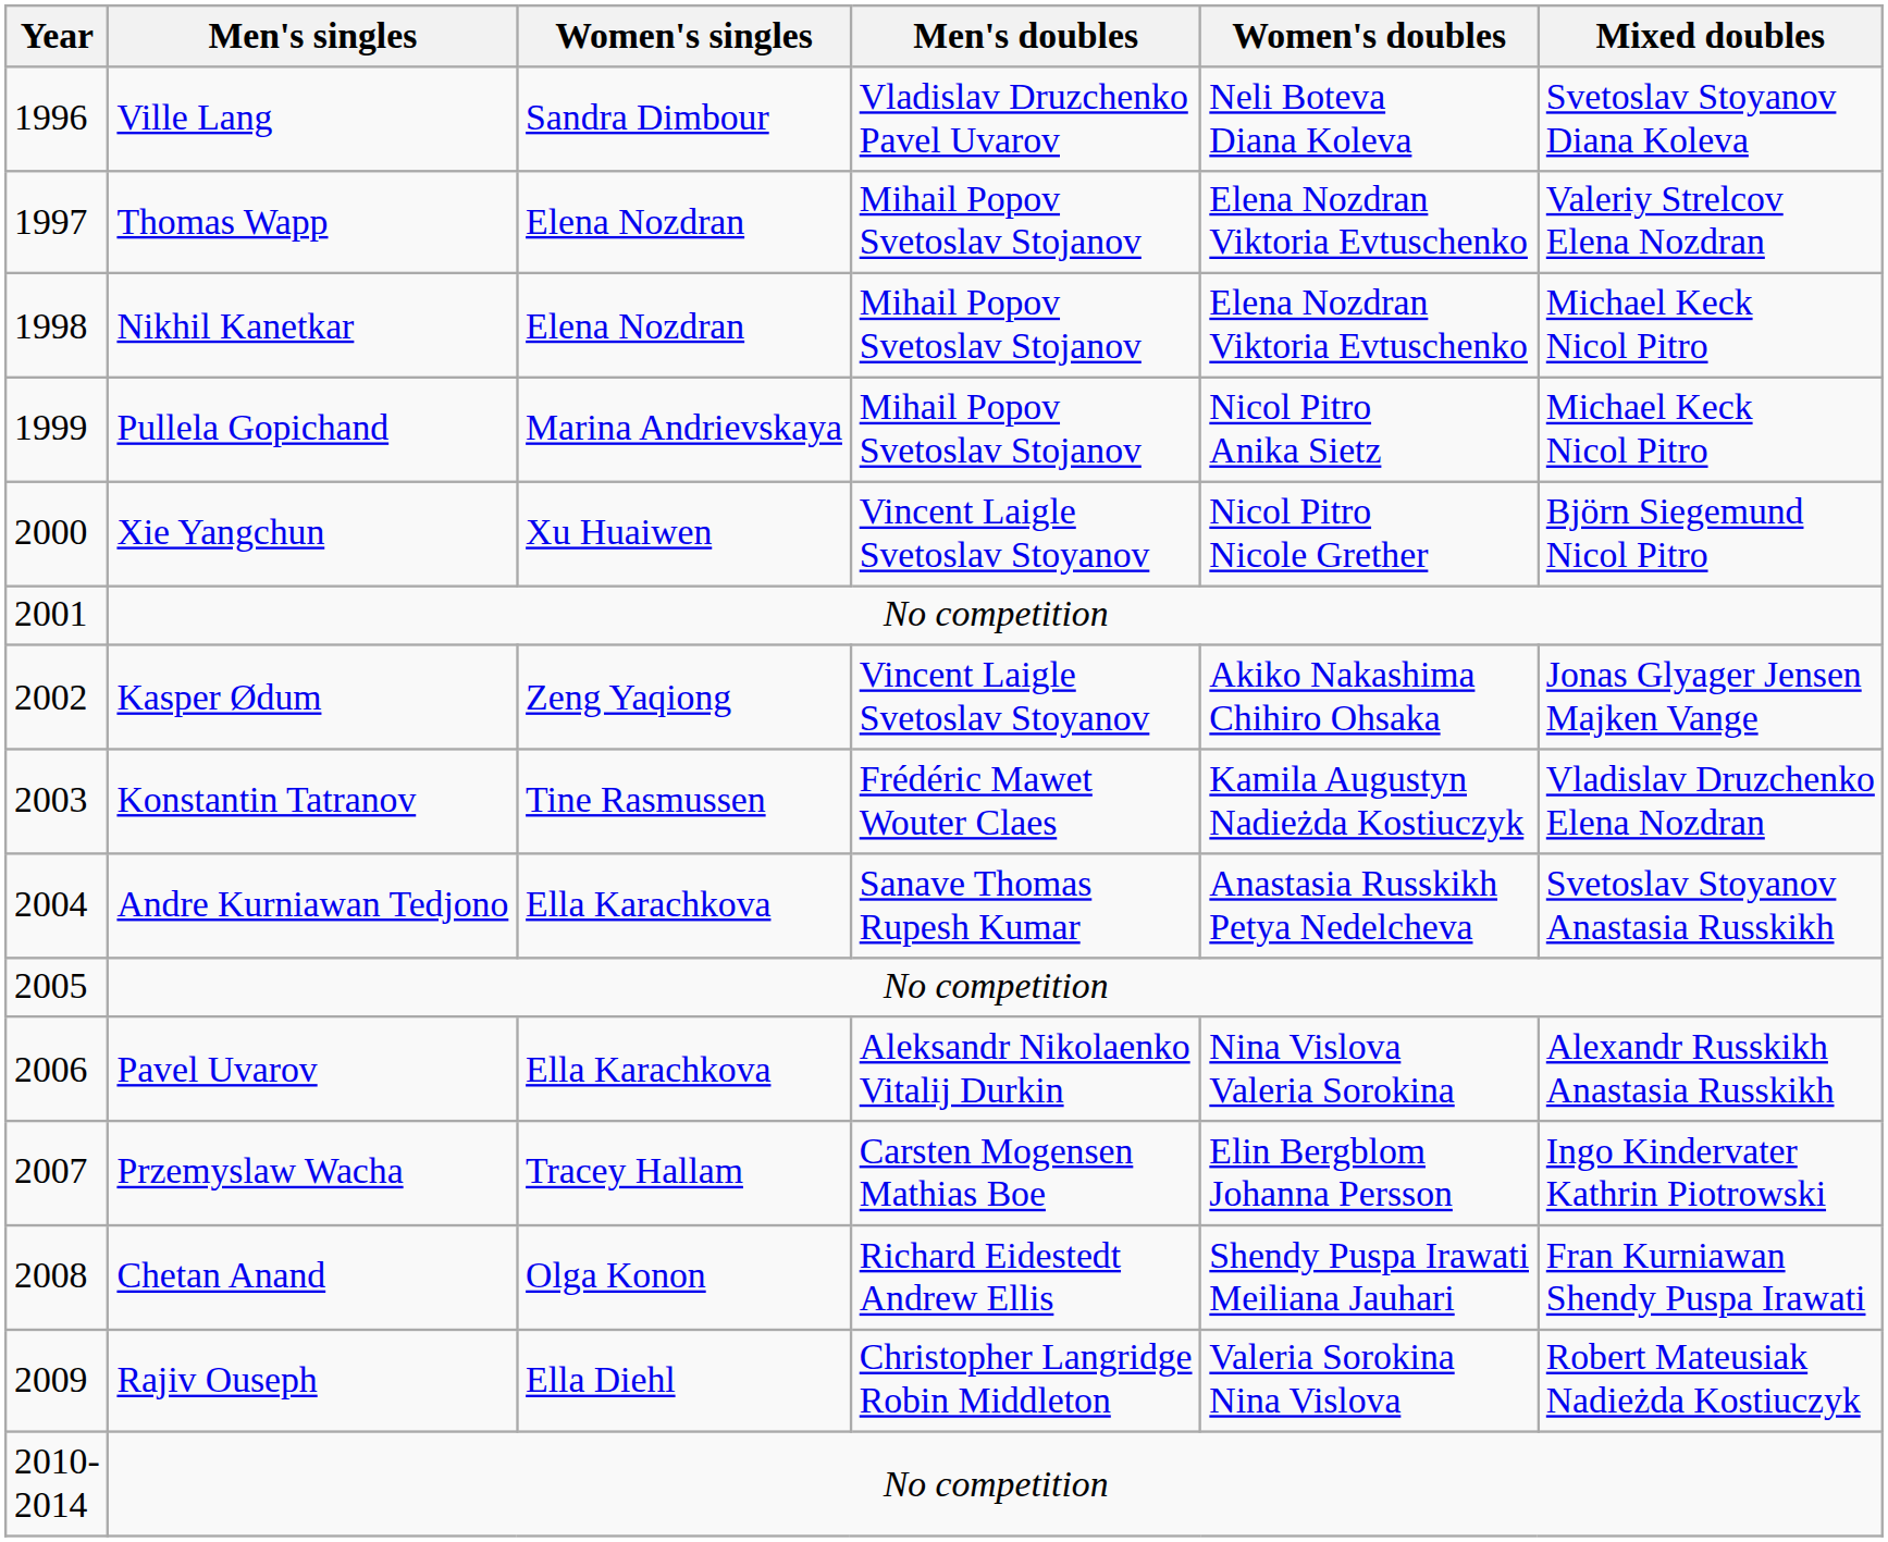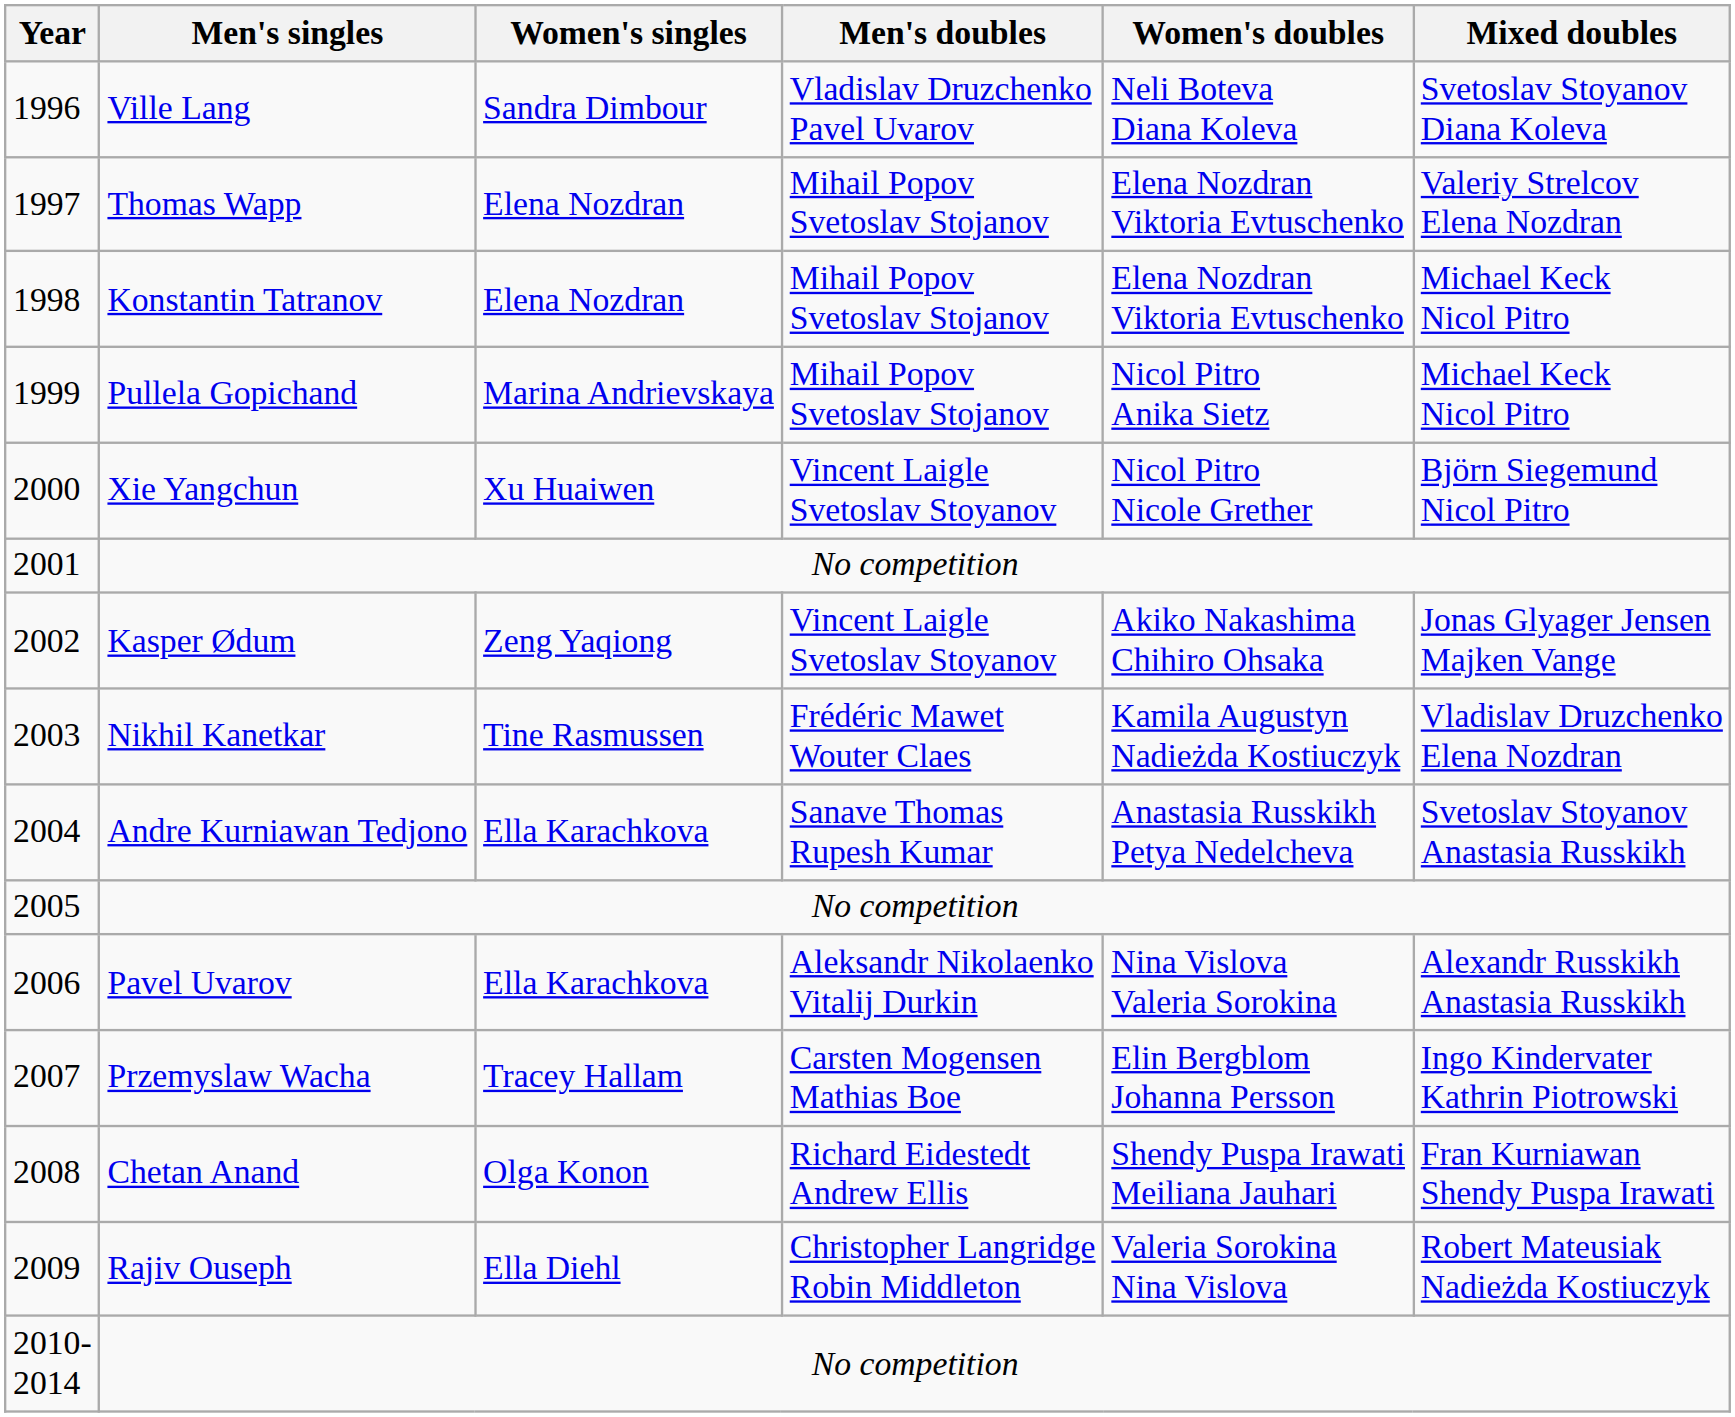 <table class=wikitable style="font-size:90%;">
 <tr>
 <th>Year</th>
 <th>Men's singles</th>
 <th>Women's singles</th>
 <th>Men's doubles</th>
 <th>Women's doubles</th>
 <th>Mixed doubles</th>
 </tr>
 <tr>
 <td>1996</td>
 <td> <a href='#'>Ville Lang</a></td>
 <td> <a href='#'>Sandra Dimbour</a></td>
 <td> <a href='#'>Vladislav Druzchenko</a><br> <a href='#'>Pavel Uvarov</a></td>
 <td> <a href='#'>Neli Boteva</a><br> <a href='#'>Diana Koleva</a></td>
 <td> <a href='#'>Svetoslav Stoyanov</a><br> <a href='#'>Diana Koleva</a></td>
 </tr>
 <tr>
 <td>1997</td>
 <td> <a href='#'>Thomas Wapp</a></td>
 <td> <a href='#'>Elena Nozdran</a></td>
 <td> <a href='#'>Mihail Popov</a><br> <a href='#'>Svetoslav Stojanov</a></td>
 <td> <a href='#'>Elena Nozdran</a><br> <a href='#'>Viktoria Evtuschenko</a></td>
 <td> <a href='#'>Valeriy Strelcov</a><br> <a href='#'>Elena Nozdran</a></td>
 </tr>
 <tr>
 <td>1998</td>
-<td> <a href='#'>Nikhil Kanetkar</a></td>
+<td> <a href='#'>Konstantin Tatranov</a></td>
 <td> <a href='#'>Elena Nozdran</a></td>
 <td> <a href='#'>Mihail Popov</a><br> <a href='#'>Svetoslav Stojanov</a></td>
 <td> <a href='#'>Elena Nozdran</a><br> <a href='#'>Viktoria Evtuschenko</a></td>
 <td> <a href='#'>Michael Keck</a><br> <a href='#'>Nicol Pitro</a></td>
 </tr>
 <tr>
 <td>1999</td>
 <td> <a href='#'>Pullela Gopichand</a></td>
 <td> <a href='#'>Marina Andrievskaya</a></td>
 <td> <a href='#'>Mihail Popov</a><br> <a href='#'>Svetoslav Stojanov</a></td>
 <td> <a href='#'>Nicol Pitro</a><br> <a href='#'>Anika Sietz</a></td>
 <td> <a href='#'>Michael Keck</a><br> <a href='#'>Nicol Pitro</a></td>
 </tr>
 <tr>
 <td>2000</td>
 <td> <a href='#'>Xie Yangchun</a></td>
 <td> <a href='#'>Xu Huaiwen</a></td>
 <td> <a href='#'>Vincent Laigle</a><br> <a href='#'>Svetoslav Stoyanov</a></td>
 <td> <a href='#'>Nicol Pitro</a><br> <a href='#'>Nicole Grether</a></td>
 <td> <a href='#'>Björn Siegemund</a><br> <a href='#'>Nicol Pitro</a></td>
 </tr>
 <tr>
 <td>2001</td>
 <td colspan=5 align=center><em>No competition</em></td>
 </tr>
 <tr>
 <td>2002</td>
 <td> <a href='#'>Kasper Ødum</a></td>
 <td> <a href='#'>Zeng Yaqiong</a></td>
 <td> <a href='#'>Vincent Laigle</a><br> <a href='#'>Svetoslav Stoyanov</a></td>
 <td> <a href='#'>Akiko Nakashima</a><br> <a href='#'>Chihiro Ohsaka</a></td>
 <td> <a href='#'>Jonas Glyager Jensen</a><br> <a href='#'>Majken Vange</a></td>
 </tr>
 <tr>
 <td>2003</td>
-<td> <a href='#'>Konstantin Tatranov</a></td>
+<td> <a href='#'>Nikhil Kanetkar</a></td>
 <td> <a href='#'>Tine Rasmussen</a></td>
 <td> <a href='#'>Frédéric Mawet</a><br> <a href='#'>Wouter Claes</a></td>
 <td> <a href='#'>Kamila Augustyn</a><br> <a href='#'>Nadieżda Kostiuczyk</a></td>
 <td> <a href='#'>Vladislav Druzchenko</a><br> <a href='#'>Elena Nozdran</a></td>
 </tr>
 <tr>
 <td>2004</td>
 <td> <a href='#'>Andre Kurniawan Tedjono</a></td>
 <td> <a href='#'>Ella Karachkova</a></td>
 <td> <a href='#'>Sanave Thomas</a><br> <a href='#'>Rupesh Kumar</a></td>
 <td> <a href='#'>Anastasia Russkikh</a><br> <a href='#'>Petya Nedelcheva</a></td>
 <td> <a href='#'>Svetoslav Stoyanov</a><br> <a href='#'>Anastasia Russkikh</a></td>
 </tr>
 <tr>
 <td>2005</td>
 <td colspan=5 align=center><em>No competition</em></td>
 </tr>
 <tr>
 <td>2006</td>
 <td> <a href='#'>Pavel Uvarov</a></td>
 <td> <a href='#'>Ella Karachkova</a></td>
 <td> <a href='#'>Aleksandr Nikolaenko</a><br> <a href='#'>Vitalij Durkin</a></td>
 <td> <a href='#'>Nina Vislova</a><br> <a href='#'>Valeria Sorokina</a></td>
 <td> <a href='#'>Alexandr Russkikh</a><br> <a href='#'>Anastasia Russkikh</a></td>
 </tr>
 <tr>
 <td>2007</td>
 <td> <a href='#'>Przemyslaw Wacha</a></td>
 <td> <a href='#'>Tracey Hallam</a></td>
 <td> <a href='#'>Carsten Mogensen</a><br> <a href='#'>Mathias Boe</a></td>
 <td> <a href='#'>Elin Bergblom</a><br> <a href='#'>Johanna Persson</a></td>
 <td> <a href='#'>Ingo Kindervater</a><br> <a href='#'>Kathrin Piotrowski</a></td>
 </tr>
 <tr>
 <td>2008</td>
 <td> <a href='#'>Chetan Anand</a></td>
 <td> <a href='#'>Olga Konon</a></td>
 <td> <a href='#'>Richard Eidestedt</a><br> <a href='#'>Andrew Ellis</a></td>
 <td> <a href='#'>Shendy Puspa Irawati</a><br> <a href='#'>Meiliana Jauhari</a></td>
 <td> <a href='#'>Fran Kurniawan</a><br> <a href='#'>Shendy Puspa Irawati</a></td>
 </tr>
 <tr>
 <td>2009</td>
 <td> <a href='#'>Rajiv Ouseph</a></td>
 <td> <a href='#'>Ella Diehl</a></td>
 <td> <a href='#'>Christopher Langridge</a><br> <a href='#'>Robin Middleton</a></td>
 <td> <a href='#'>Valeria Sorokina</a><br> <a href='#'>Nina Vislova</a></td>
 <td> <a href='#'>Robert Mateusiak</a><br> <a href='#'>Nadieżda Kostiuczyk</a></td>
 </tr>
 <tr>
 <td>2010-<br>2014</td>
 <td colspan=5 align=center><em>No competition</em></td>
 </tr>
 </table>
